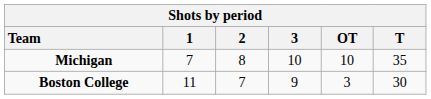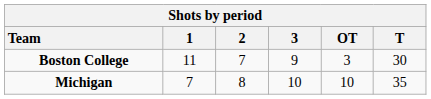 <table class="wikitable" style="width:30em; text-align:right;">
 <tr>
 <th colspan=6>Shots by period</th>
 </tr>
 <tr>
 <th style="width:10em; text-align:left;">Team</th>
 <th style="width:3em;">1</th>
 <th style="width:3em;">2</th>
 <th style="width:3em;">3</th>
 <th style="width:3em;">OT</th>
 <th style="width:3em;">T</th>
 </tr>
 <tr>
+<td align=center><strong>Boston College</strong></td>
+<td align=center>11</td>
+<td align=center>7</td>
+<td align=center>9</td>
+<td align=center>3</td>
+<td align=center>30</td>
+</tr>
+<tr>
 <td align=center><strong>Michigan</strong></td>
 <td align=center>7</td>
 <td align=center>8</td>
 <td align=center>10</td>
 <td align=center>10</td>
 <td align=center>35</td>
 </tr>
-<tr>
-<td align=center><strong>Boston College</strong></td>
-<td align=center>11</td>
-<td align=center>7</td>
-<td align=center>9</td>
-<td align=center>3</td>
-<td align=center>30</td>
-</tr>
 </table>
